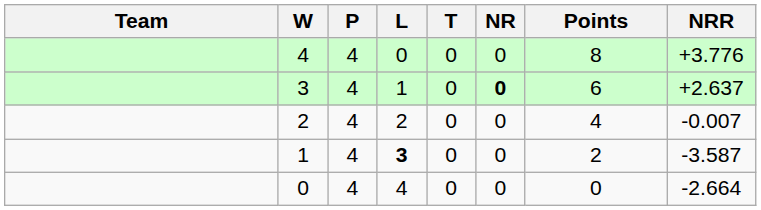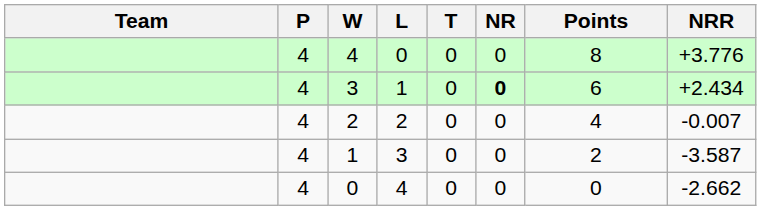 <table class="wikitable" style="text-align:center;">
 <tr>
 <th width=200>Team</th>
+<th width=30 abbr="Played">P</th>
 <th width=30 abbr="Won">W</th>
-<th width=30 abbr="Played">P</th>
 <th width=30 abbr="Lost">L</th>
 <th width=30 abbr="Tied">T</th>
 <th width=30 abbr="No result">NR</th>
 <th width=100 abbr="Points">Points</th>
 <th width=60 abbr="Net run rate">NRR</th>
 </tr>
 <tr bgcolor=ccffcc>
 <td align="left"></td>
 <td>4</td>
 <td>4</td>
 <td>0</td>
 <td>0</td>
 <td>0</td>
 <td>8</td>
 <td>+3.776</td>
 </tr>
 <tr bgcolor=ccffcc>
 <td align="left"></td>
+<td>4</td>
 <td>3</td>
-<td>4</td>
 <td>1</td>
 <td>0</td>
 <td><strong>0</strong></td>
 <td>6</td>
-<td>+2.637</td>
+<td>+2.434</td>
 </tr>
 <tr>
 <td align="left"></td>
+<td>4</td>
 <td>2</td>
-<td>4</td>
 <td>2</td>
 <td>0</td>
 <td>0</td>
 <td>4</td>
 <td>-0.007</td>
 </tr>
 <tr>
 <td align="left"></td>
+<td>4</td>
 <td>1</td>
-<td>4</td>
-<td><strong>3</strong></td>
+<td>3</td>
 <td>0</td>
 <td>0</td>
 <td>2</td>
 <td>-3.587</td>
 </tr>
 <tr>
 <td align="left"></td>
+<td>4</td>
 <td>0</td>
-<td>4</td>
 <td>4</td>
 <td>0</td>
 <td>0</td>
 <td>0</td>
-<td>-2.664</td>
+<td>-2.662</td>
 </tr>
 </table>
